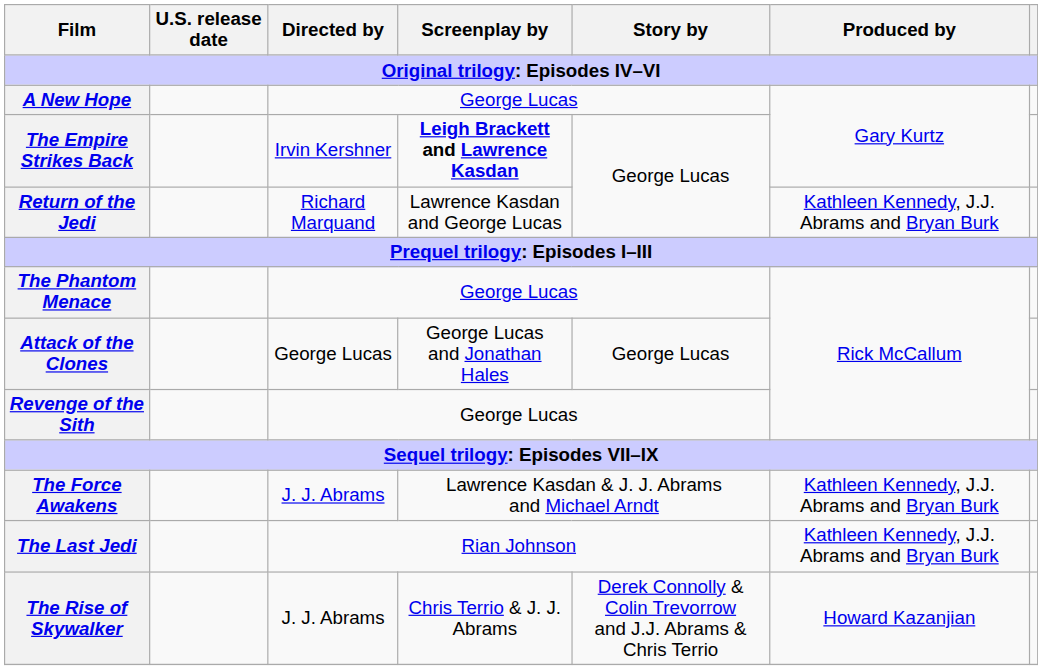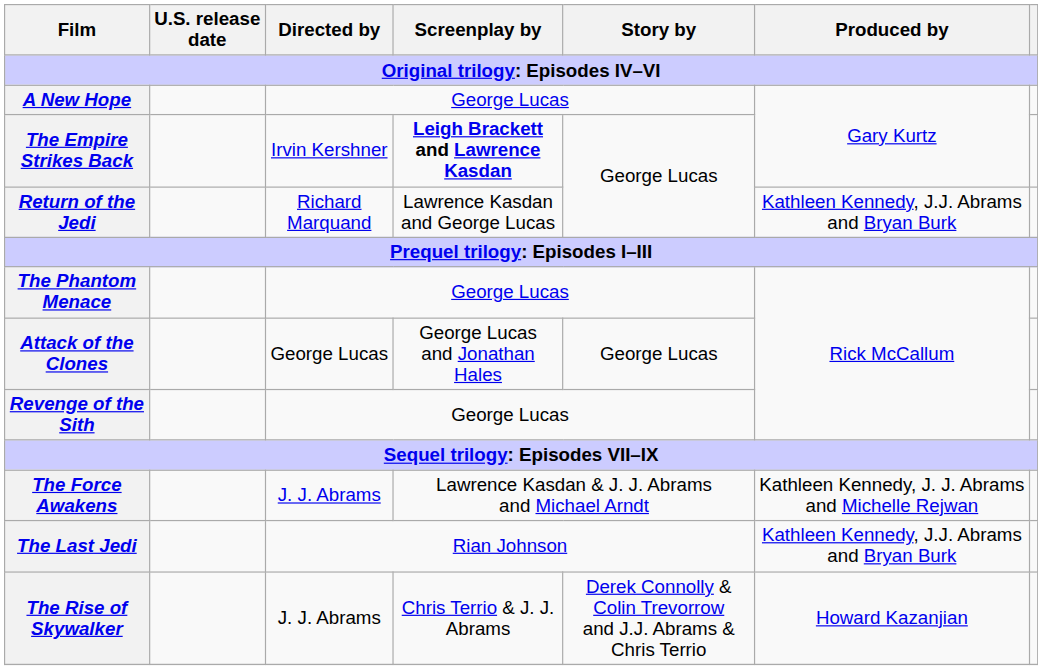 <table class="wikitable plainrowheaders" style="text-align:center; margin=auto; width:100%;">
 <tr>
 <th style="width:14%">Film</th>
 <th>U.S. release date</th>
 <th>Directed by</th>
 <th>Screenplay by</th>
 <th>Story by</th>
 <th>Produced by</th>
 <th></th>
 </tr>
 <tr>
 <th colspan="8" style="background-color:#ccccff;"><a href='#'>Original trilogy</a>: Episodes IV–VI<br></th>
 </tr>
 <tr>
 <th scope="row"><em><a href='#'>A New Hope</a></em></th>
 <td style="text-align:left"></td>
 <td colspan="3"><a href='#'>George Lucas</a></td>
 <td rowspan="2"><a href='#'>Gary Kurtz</a></td>
 <td></td>
 </tr>
 <tr>
 <th scope="row"><em><a href='#'>The Empire Strikes Back</a></em></th>
 <td style="text-align:left"></td>
 <td><a href='#'>Irvin Kershner</a></td>
 <td><strong><a href='#'>Leigh Brackett</a> <br>and <a href='#'>Lawrence Kasdan</a></strong></td>
 <td rowspan=2>George Lucas</td>
 <td></td>
 </tr>
 <tr>
 <th scope="row"><em><a href='#'>Return of the Jedi</a></em></th>
 <td style="text-align:left"></td>
 <td><a href='#'>Richard Marquand</a></td>
 <td>Lawrence Kasdan <br>and George Lucas</td>
 <td><a href='#'>Kathleen Kennedy</a>, J.J. Abrams and <a href='#'>Bryan Burk</a></td>
 <td></td>
 </tr>
 <tr>
 <th colspan="8" style="background-color:#ccccff;"><a href='#'>Prequel trilogy</a>: Episodes I–III<br></th>
 </tr>
 <tr>
 <th scope="row"><em><a href='#'>The Phantom Menace</a></em></th>
 <td style="text-align:left"></td>
 <td colspan="3"><a href='#'>George Lucas</a></td>
 <td rowspan="3"><a href='#'>Rick McCallum</a></td>
 <td></td>
 </tr>
 <tr>
 <th scope="row"><em><a href='#'>Attack of the Clones</a></em></th>
 <td style="text-align:left"></td>
 <td>George Lucas</td>
 <td>George Lucas <br>and <a href='#'>Jonathan Hales</a></td>
 <td>George Lucas</td>
 <td></td>
 </tr>
 <tr>
 <th scope="row"><em><a href='#'>Revenge of the Sith</a></em></th>
 <td style="text-align:left"></td>
 <td colspan="3">George Lucas</td>
 <td></td>
 </tr>
 <tr>
 <th colspan="8" style="background-color:#ccccff;"><a href='#'>Sequel trilogy</a>: Episodes VII–IX<br></th>
 </tr>
 <tr>
 <th scope="row"><em><a href='#'>The Force Awakens</a></em></th>
 <td style="text-align:left"></td>
 <td><a href='#'>J. J. Abrams</a></td>
 <td colspan="2">Lawrence Kasdan & J. J. Abrams <br>and <a href='#'>Michael Arndt</a></td>
-<td><a href='#'>Kathleen Kennedy</a>, J.J. Abrams and <a href='#'>Bryan Burk</a></td>
+<td>Kathleen Kennedy, J. J. Abrams and <a href='#'>Michelle Rejwan</a></td>
 <td></td>
 </tr>
 <tr>
 <th scope="row"><em><a href='#'>The Last Jedi</a></em></th>
 <td style="text-align:left"></td>
 <td colspan="3"><a href='#'>Rian Johnson</a></td>
 <td><a href='#'>Kathleen Kennedy</a>, J.J. Abrams and <a href='#'>Bryan Burk</a></td>
 <td></td>
 </tr>
 <tr>
 <th scope="row"><em><a href='#'>The Rise of Skywalker</a></em></th>
 <td style="text-align:left"></td>
 <td>J. J. Abrams</td>
 <td><a href='#'>Chris Terrio</a> & J. J. Abrams</td>
 <td><a href='#'>Derek Connolly</a> & <a href='#'>Colin Trevorrow</a> <br> and J.J. Abrams & Chris Terrio</td>
 <td><a href='#'>Howard Kazanjian</a></td>
 <td></td>
 </tr>
 <tr>
 </tr>
 </table>
